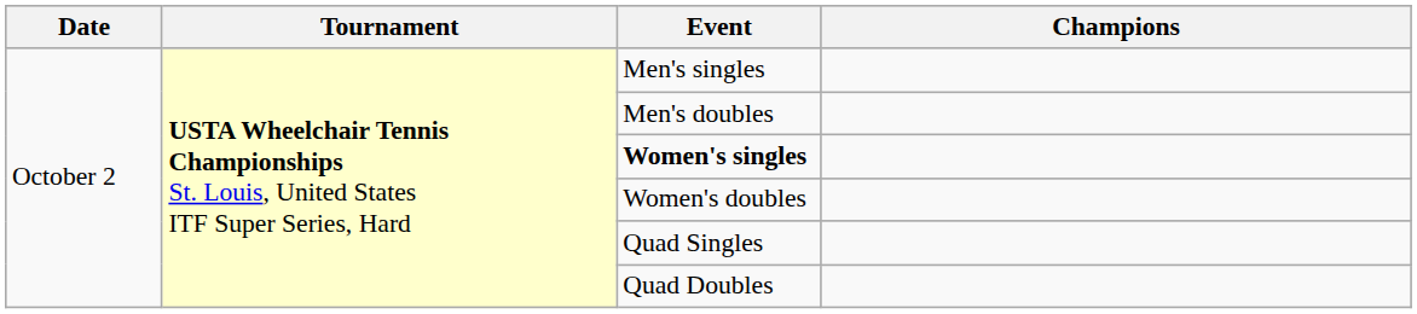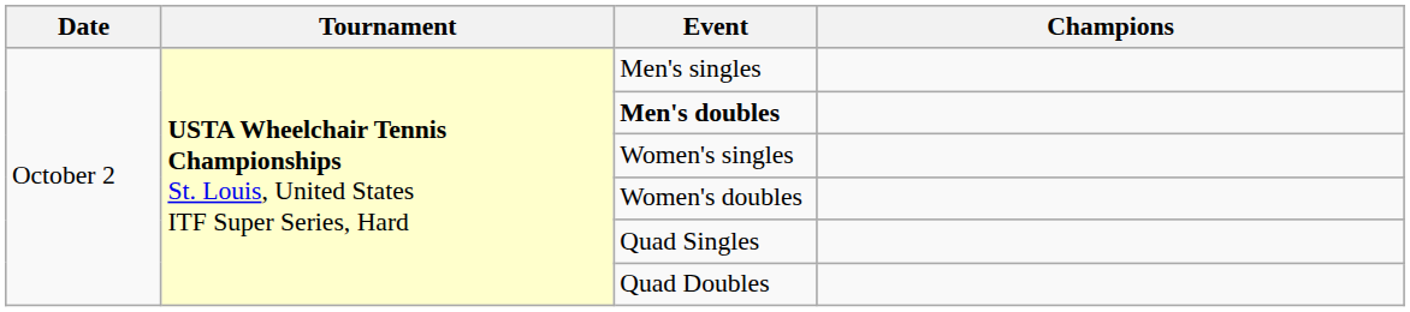 <table class=wikitable style=font-size:85%>
 <tr>
 <th width=75>Date</th>
 <th width=230>Tournament</th>
 <th width=100>Event</th>
 <th width=300>Champions</th>
 </tr>
 <tr>
 <td rowspan=6>October 2</td>
 <td bgcolor=#ffffcc rowspan=6><strong>USTA Wheelchair Tennis Championships</strong><br> <a href='#'>St. Louis</a>, United States<br>ITF Super Series, Hard</td>
 <td>Men's singles</td>
 <td></td>
 </tr>
 <tr>
-<td>Men's doubles</td>
+<td><strong>Men's doubles</strong></td>
 <td><br></td>
 </tr>
 <tr>
-<td><strong>Women's singles</strong></td>
+<td>Women's singles</td>
 <td></td>
 </tr>
 <tr>
 <td>Women's doubles</td>
 <td><br></td>
 </tr>
 <tr>
 <td>Quad Singles</td>
 <td></td>
 </tr>
 <tr>
 <td>Quad Doubles</td>
 <td><br></td>
 </tr>
 </table>
